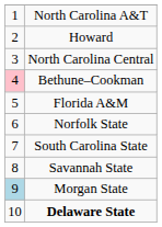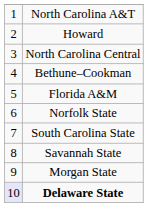 <table class="wikitable">
 <tr align="center">
 </tr>
 <tr align="center">
 <td>1</td>
 <td>North Carolina A&T</td>
 </tr>
 <tr align="center">
 <td>2</td>
 <td>Howard</td>
 </tr>
 <tr align="center">
 <td>3</td>
 <td>North Carolina Central</td>
 </tr>
 <tr align="center">
-<td style="background: pink;">4</td>
+<td>4</td>
 <td>Bethune–Cookman</td>
 </tr>
 <tr align="center">
 <td>5</td>
 <td>Florida A&M</td>
 </tr>
 <tr align="center">
 <td>6</td>
 <td>Norfolk State</td>
 </tr>
 <tr align="center">
 <td>7</td>
 <td>South Carolina State</td>
 </tr>
 <tr align="center">
 <td>8</td>
 <td>Savannah State</td>
 </tr>
 <tr align="center">
-<td style="background: lightblue;">9</td>
+<td>9</td>
 <td>Morgan State</td>
 </tr>
 <tr align="center">
-<td>10</td>
+<td style="background: lavender;">10</td>
 <td><strong>Delaware State</strong></td>
 </tr>
 </table>
